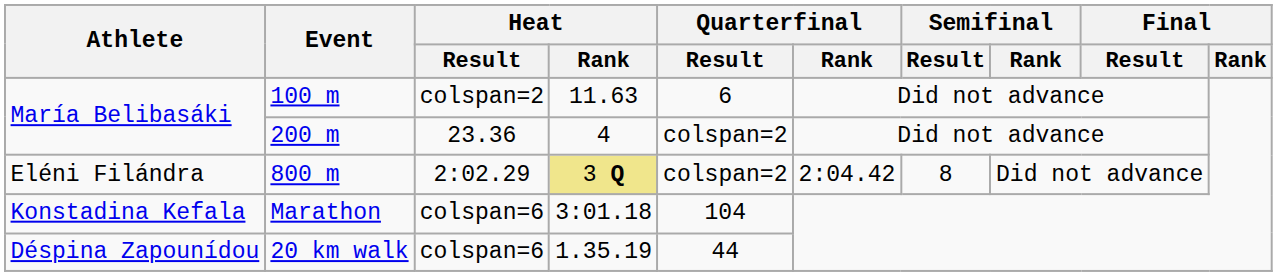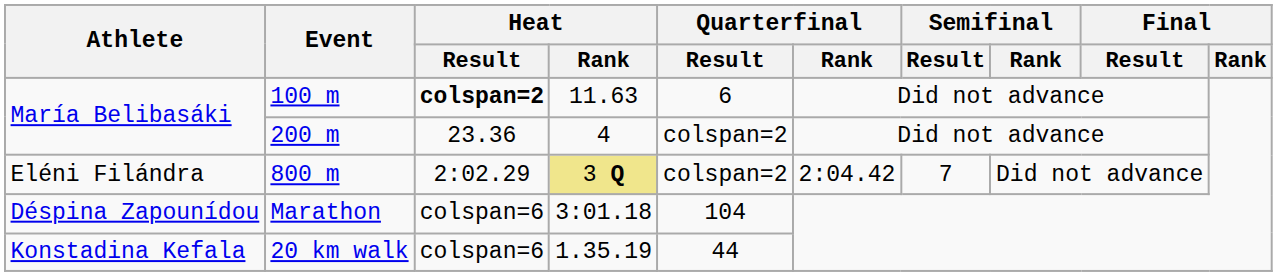 <table class="wikitable" style="font-size:90%">
 <tr>
 <th rowspan="2">Athlete</th>
 <th rowspan="2">Event</th>
 <th colspan="2">Heat</th>
 <th colspan="2">Quarterfinal</th>
 <th colspan="2">Semifinal</th>
 <th colspan="2">Final</th>
 </tr>
 <tr style="font-size:95%">
 <th>Result</th>
 <th>Rank</th>
 <th>Result</th>
 <th>Rank</th>
 <th>Result</th>
 <th>Rank</th>
 <th>Result</th>
 <th>Rank</th>
 </tr>
 <tr align=center>
 <td align=left rowspan=2><a href='#'>María Belibasáki</a></td>
 <td align=left><a href='#'>100 m</a></td>
-<td>colspan=2 </td>
+<td><strong>colspan=2 </strong></td>
 <td>11.63</td>
 <td>6</td>
 <td colspan=4>Did not advance</td>
 </tr>
 <tr align=center>
 <td align=left><a href='#'>200 m</a></td>
 <td>23.36</td>
 <td>4</td>
 <td>colspan=2 </td>
 <td colspan=4>Did not advance</td>
 </tr>
 <tr align=center>
 <td align=left>Eléni Filándra</td>
 <td align=left><a href='#'>800 m</a></td>
 <td>2:02.29</td>
 <td style="background: khaki;">3 <strong>Q</strong></td>
 <td>colspan=2 </td>
 <td>2:04.42</td>
-<td>8</td>
+<td>7</td>
 <td colspan=2>Did not advance</td>
 </tr>
 <tr align=center>
-<td align=left><a href='#'>Konstadina Kefala</a></td>
+<td align=left><a href='#'>Déspina Zapounídou</a></td>
 <td align=left><a href='#'>Marathon</a></td>
 <td>colspan=6 </td>
 <td>3:01.18</td>
 <td>104</td>
 </tr>
 <tr align=center>
-<td align=left><a href='#'>Déspina Zapounídou</a></td>
+<td align=left><a href='#'>Konstadina Kefala</a></td>
 <td align=left><a href='#'>20 km walk</a></td>
 <td>colspan=6 </td>
 <td>1.35.19</td>
 <td>44</td>
 </tr>
 </table>
